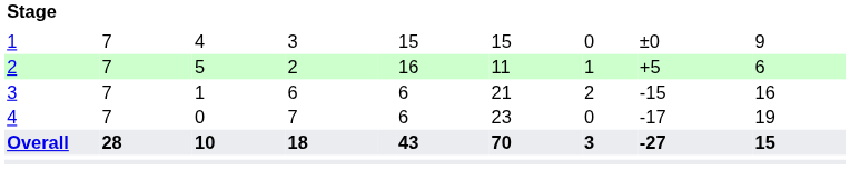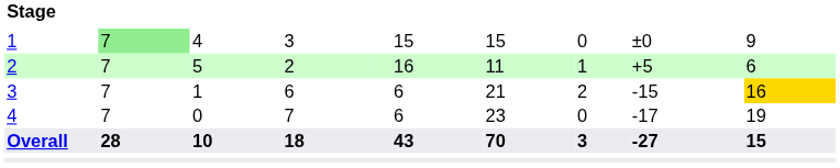 <table class="toccolours" border=0 cellpadding="2" cellspacing="0" style="font-size:95%; text-align:left; width:700px;">
 <tr align="left" style="background:#">
 <th style="width:75px">Stage</th>
 <th></th>
 <th></th>
 <th></th>
 <th></th>
 <th></th>
 <th></th>
 <th></th>
 <th></th>
 <th></th>
 </tr>
 <tr>
 <td colspan = "10"></td>
 </tr>
 <tr>
 </tr>
 <tr style="">
 <td><a href='#'>1</a></td>
-<td>7</td>
+<td style="background: lightgreen;">7</td>
 <td>4</td>
 <td>3</td>
 <td></td>
 <td>15</td>
 <td>15</td>
 <td>0</td>
 <td>±0</td>
 <td>9</td>
 </tr>
 <tr style="background:#cfc">
 <td><a href='#'>2</a></td>
 <td>7</td>
 <td>5</td>
 <td>2</td>
 <td></td>
 <td>16</td>
 <td>11</td>
 <td>1</td>
 <td>+5</td>
 <td>6</td>
 </tr>
 <tr>
 <td><a href='#'>3</a></td>
 <td>7</td>
 <td>1</td>
 <td>6</td>
 <td></td>
 <td>6</td>
 <td>21</td>
 <td>2</td>
 <td>-15</td>
-<td>16</td>
+<td style="background: gold;">16</td>
 </tr>
 <tr>
 <td><a href='#'>4</a></td>
 <td>7</td>
 <td>0</td>
 <td>7</td>
 <td></td>
 <td>6</td>
 <td>23</td>
 <td>0</td>
 <td>-17</td>
 <td>19</td>
 </tr>
 <tr style="background-color:#EAECF0;">
 <th><a href='#'>Overall</a></th>
 <th>28</th>
 <th>10</th>
 <th>18</th>
 <th></th>
 <th>43</th>
 <th>70</th>
 <th>3</th>
 <th>-27</th>
 <th>15</th>
 </tr>
 <tr>
 <td colspan="10"></td>
 </tr>
 <tr align="left" style="background:#EAECF0; color:#000;">
 <td colspan="10" style="text-align:center;"> </td>
 </tr>
 </table>
